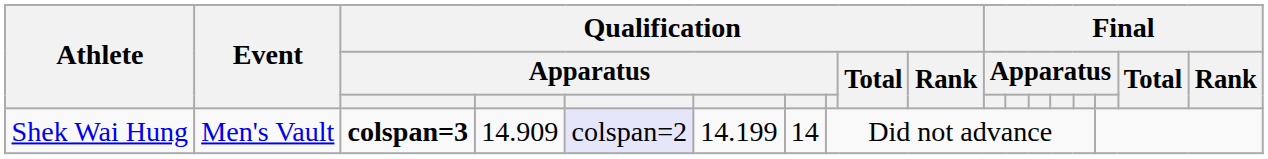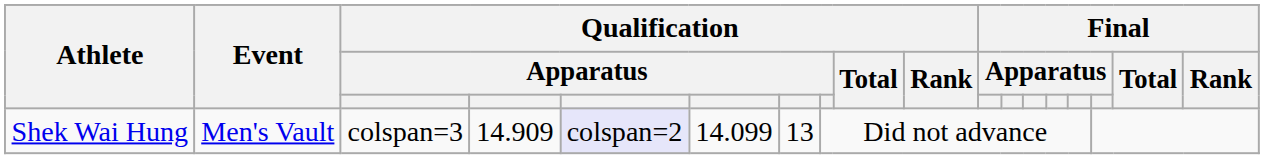 <table class="wikitable" style="font-size:90%">
 <tr>
 <th rowspan=3>Athlete</th>
 <th rowspan=3>Event</th>
 <th colspan=8>Qualification</th>
 <th colspan=8>Final</th>
 </tr>
 <tr style="font-size:95%">
 <th colspan=6>Apparatus</th>
 <th rowspan=2>Total</th>
 <th rowspan=2>Rank</th>
 <th colspan=6>Apparatus</th>
 <th rowspan=2>Total</th>
 <th rowspan=2>Rank</th>
 </tr>
 <tr style="font-size:95%">
 <th></th>
 <th></th>
 <th></th>
 <th></th>
 <th></th>
 <th></th>
 <th></th>
 <th></th>
 <th></th>
 <th></th>
 <th></th>
 <th></th>
 </tr>
 <tr align=center>
 <td align=left><a href='#'>Shek Wai Hung</a></td>
 <td align=left><a href='#'>Men's Vault</a></td>
-<td><strong>colspan=3</strong></td>
+<td>colspan=3</td>
 <td>14.909</td>
 <td style="background: lavender;">colspan=2</td>
-<td>14.199</td>
-<td>14</td>
+<td>14.099</td>
+<td>13</td>
 <td colspan=8>Did not advance</td>
 </tr>
 </table>
